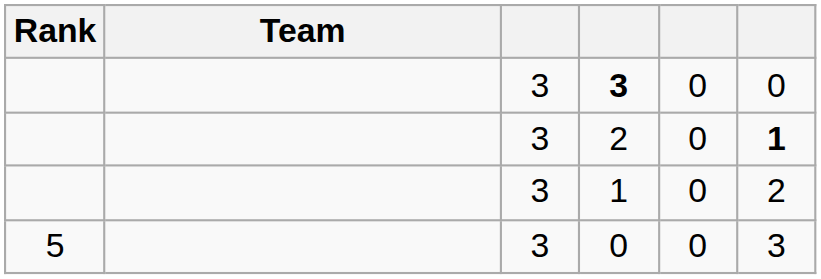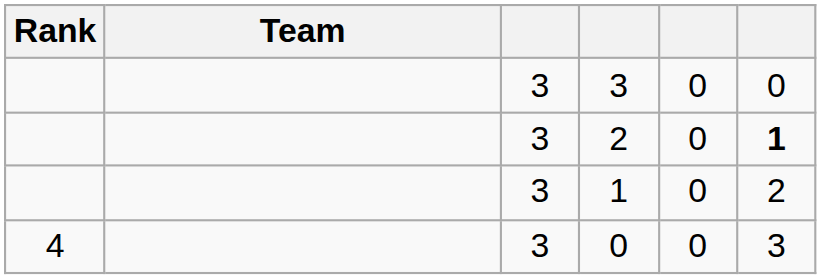 <table class="wikitable" style="text-align: center;">
 <tr>
 <th width=40>Rank</th>
 <th width=180>Team</th>
 <th width=30></th>
 <th width=30></th>
 <th width=30></th>
 <th width=30></th>
 </tr>
 <tr>
 <td></td>
 <td align=left></td>
 <td>3</td>
-<td><strong>3</strong></td>
+<td>3</td>
 <td>0</td>
 <td>0</td>
 </tr>
 <tr>
 <td></td>
 <td align=left></td>
 <td>3</td>
 <td>2</td>
 <td>0</td>
 <td><strong>1</strong></td>
 </tr>
 <tr>
 <td></td>
 <td align=left></td>
 <td>3</td>
 <td>1</td>
 <td>0</td>
 <td>2</td>
 </tr>
 <tr>
-<td>5</td>
+<td>4</td>
 <td align=left></td>
 <td>3</td>
 <td>0</td>
 <td>0</td>
 <td>3</td>
 </tr>
 </table>
